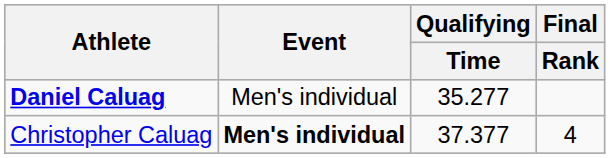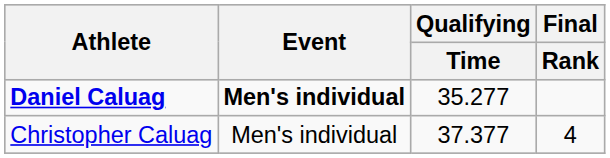 <table class=wikitable style="font-size:90%; text-align:center;">
 <tr>
 <th rowspan=2>Athlete</th>
 <th rowspan=2>Event</th>
 <th colspan=2>Qualifying</th>
 <th colspan=2>Final</th>
 </tr>
 <tr>
 <th colspan=2>Time</th>
 <th>Rank</th>
 </tr>
 <tr>
 <td align=left><strong><a href='#'>Daniel Caluag</a></strong></td>
-<td>Men's individual</td>
+<td><strong>Men's individual</strong></td>
 <td colspan=2>35.277</td>
 <td colspan=2></td>
 </tr>
 <tr>
 <td align=left><a href='#'>Christopher Caluag</a></td>
-<td><strong>Men's individual</strong></td>
+<td>Men's individual</td>
 <td colspan=2>37.377</td>
 <td colspan=2>4</td>
 </tr>
 </table>
